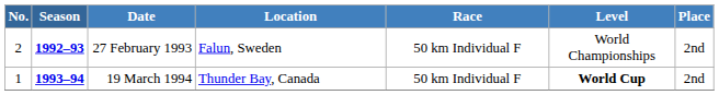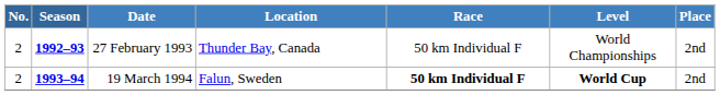 <table class="wikitable sortable" style="font-size:95%; text-align:center; border:grey solid 1px; border-collapse:collapse; background:#ffffff;">
 <tr style="background:#efefef;">
 <th style="background-color:#369; color:white;">No.</th>
 <th style="background-color:#369; color:white;">Season</th>
 <th style="background-color:#4180be; color:white; width:110px;">Date</th>
 <th style="background-color:#4180be; color:white; width:200px;">Location</th>
 <th style="background-color:#4180be; color:white; width:170px;">Race</th>
 <th style="background-color:#4180be; color:white; width:130px;">Level</th>
 <th style="background-color:#4180be; color:white;">Place</th>
 </tr>
 <tr>
 <td align=center>2</td>
 <td rowspan=1 align=center><strong><a href='#'>1992–93</a></strong></td>
 <td align=right>27 February 1993</td>
-<td align=left> <a href='#'>Falun</a>, Sweden</td>
+<td align=left> <a href='#'>Thunder Bay</a>, Canada</td>
 <td>50 km Individual F</td>
 <td>World Championships</td>
 <td>2nd</td>
 </tr>
 <tr>
-<td align=center>1</td>
+<td align=center>2</td>
 <td rowspan=1 align=center><strong><a href='#'>1993–94</a></strong></td>
 <td align=right>19 March 1994</td>
-<td align=left> <a href='#'>Thunder Bay</a>, Canada</td>
-<td>50 km Individual F</td>
+<td align=left> <a href='#'>Falun</a>, Sweden</td>
+<td><strong>50 km Individual F</strong></td>
 <td><strong>World Cup</strong></td>
 <td>2nd</td>
 </tr>
 <tr>
 </tr>
 </table>
